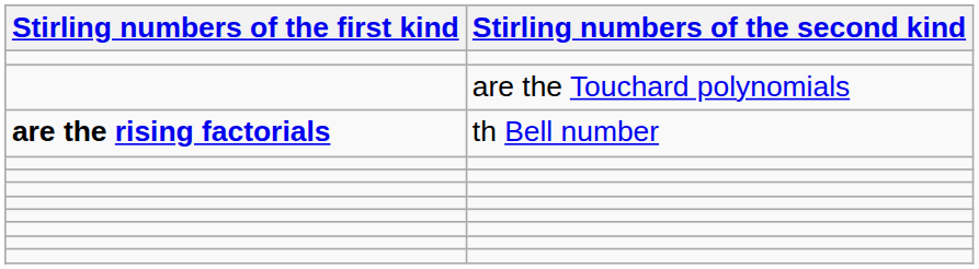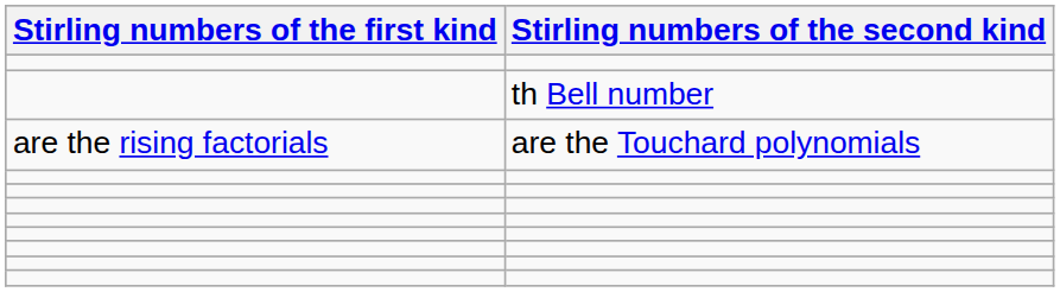 <table class="wikitable">
 <tr>
 <th><a href='#'>Stirling numbers of the first kind</a></th>
 <th><a href='#'>Stirling numbers of the second kind</a></th>
 </tr>
 <tr>
 <td></td>
 <td></td>
 </tr>
 <tr>
 <td></td>
-<td> are the <a href='#'>Touchard polynomials</a></td>
+<td>th <a href='#'>Bell number</a></td>
 </tr>
 <tr>
-<td><strong> are the <a href='#'>rising factorials</a></strong></td>
-<td>th <a href='#'>Bell number</a></td>
+<td> are the <a href='#'>rising factorials</a></td>
+<td> are the <a href='#'>Touchard polynomials</a></td>
 </tr>
 <tr>
 <td></td>
 <td></td>
 </tr>
 <tr>
 <td></td>
 <td></td>
 </tr>
 <tr>
 <td></td>
 <td></td>
 </tr>
 <tr>
 <td></td>
 <td></td>
 </tr>
 <tr>
 <td></td>
 <td></td>
 </tr>
 <tr>
 <td></td>
 <td></td>
 </tr>
 <tr>
 <td></td>
 <td></td>
 </tr>
 <tr>
 <td></td>
 <td></td>
 </tr>
 </table>
